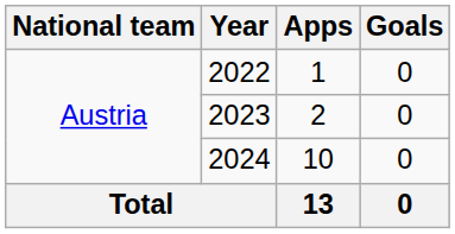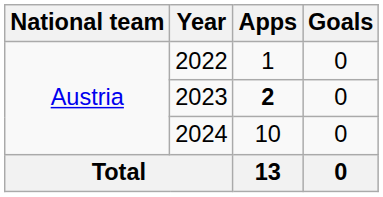 <table class="wikitable" style="text-align:center">
 <tr>
 <th>National team</th>
 <th>Year</th>
 <th>Apps</th>
 <th>Goals</th>
 </tr>
 <tr>
 <td rowspan="3"><a href='#'>Austria</a></td>
 <td>2022</td>
 <td>1</td>
 <td>0</td>
 </tr>
 <tr>
 <td>2023</td>
-<td>2</td>
+<td><strong>2</strong></td>
 <td>0</td>
 </tr>
 <tr>
 <td>2024</td>
 <td>10</td>
 <td>0</td>
 </tr>
 <tr>
 <th colspan="2">Total</th>
 <th>13</th>
 <th>0</th>
 </tr>
 </table>
